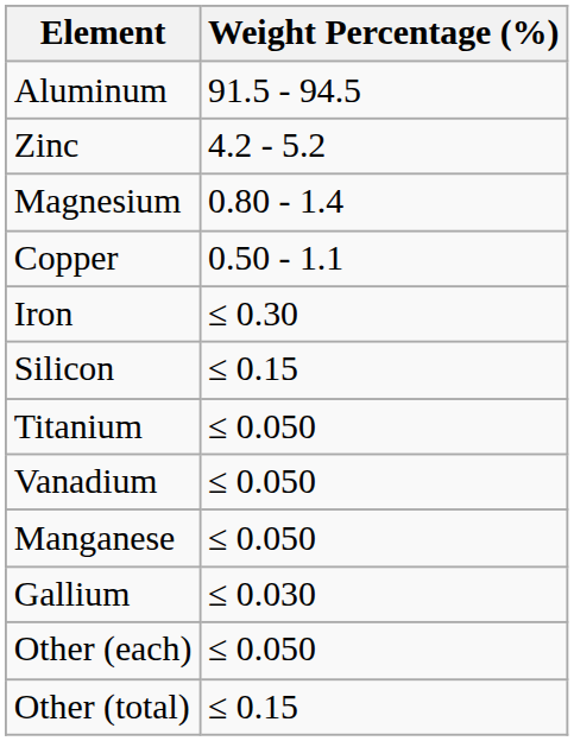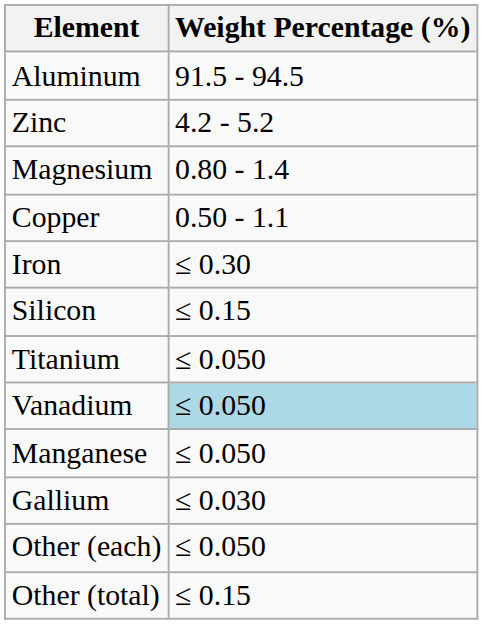 <table class="wikitable">
 <tr>
 <th>Element</th>
 <th>Weight Percentage (%)</th>
 </tr>
 <tr>
 <td>Aluminum</td>
 <td>91.5 - 94.5</td>
 </tr>
 <tr>
 <td>Zinc</td>
 <td>4.2 - 5.2</td>
 </tr>
 <tr>
 <td>Magnesium</td>
 <td>0.80 - 1.4</td>
 </tr>
 <tr>
 <td>Copper</td>
 <td>0.50 - 1.1</td>
 </tr>
 <tr>
 <td>Iron</td>
 <td>≤ 0.30</td>
 </tr>
 <tr>
 <td>Silicon</td>
 <td>≤ 0.15</td>
 </tr>
 <tr>
 <td>Titanium</td>
 <td>≤ 0.050</td>
 </tr>
 <tr>
 <td>Vanadium</td>
-<td>≤ 0.050</td>
+<td style="background: lightblue;">≤ 0.050</td>
 </tr>
 <tr>
 <td>Manganese</td>
 <td>≤ 0.050</td>
 </tr>
 <tr>
 <td>Gallium</td>
 <td>≤ 0.030</td>
 </tr>
 <tr>
 <td>Other (each)</td>
 <td>≤ 0.050</td>
 </tr>
 <tr>
 <td>Other (total)</td>
 <td>≤ 0.15</td>
 </tr>
 </table>
